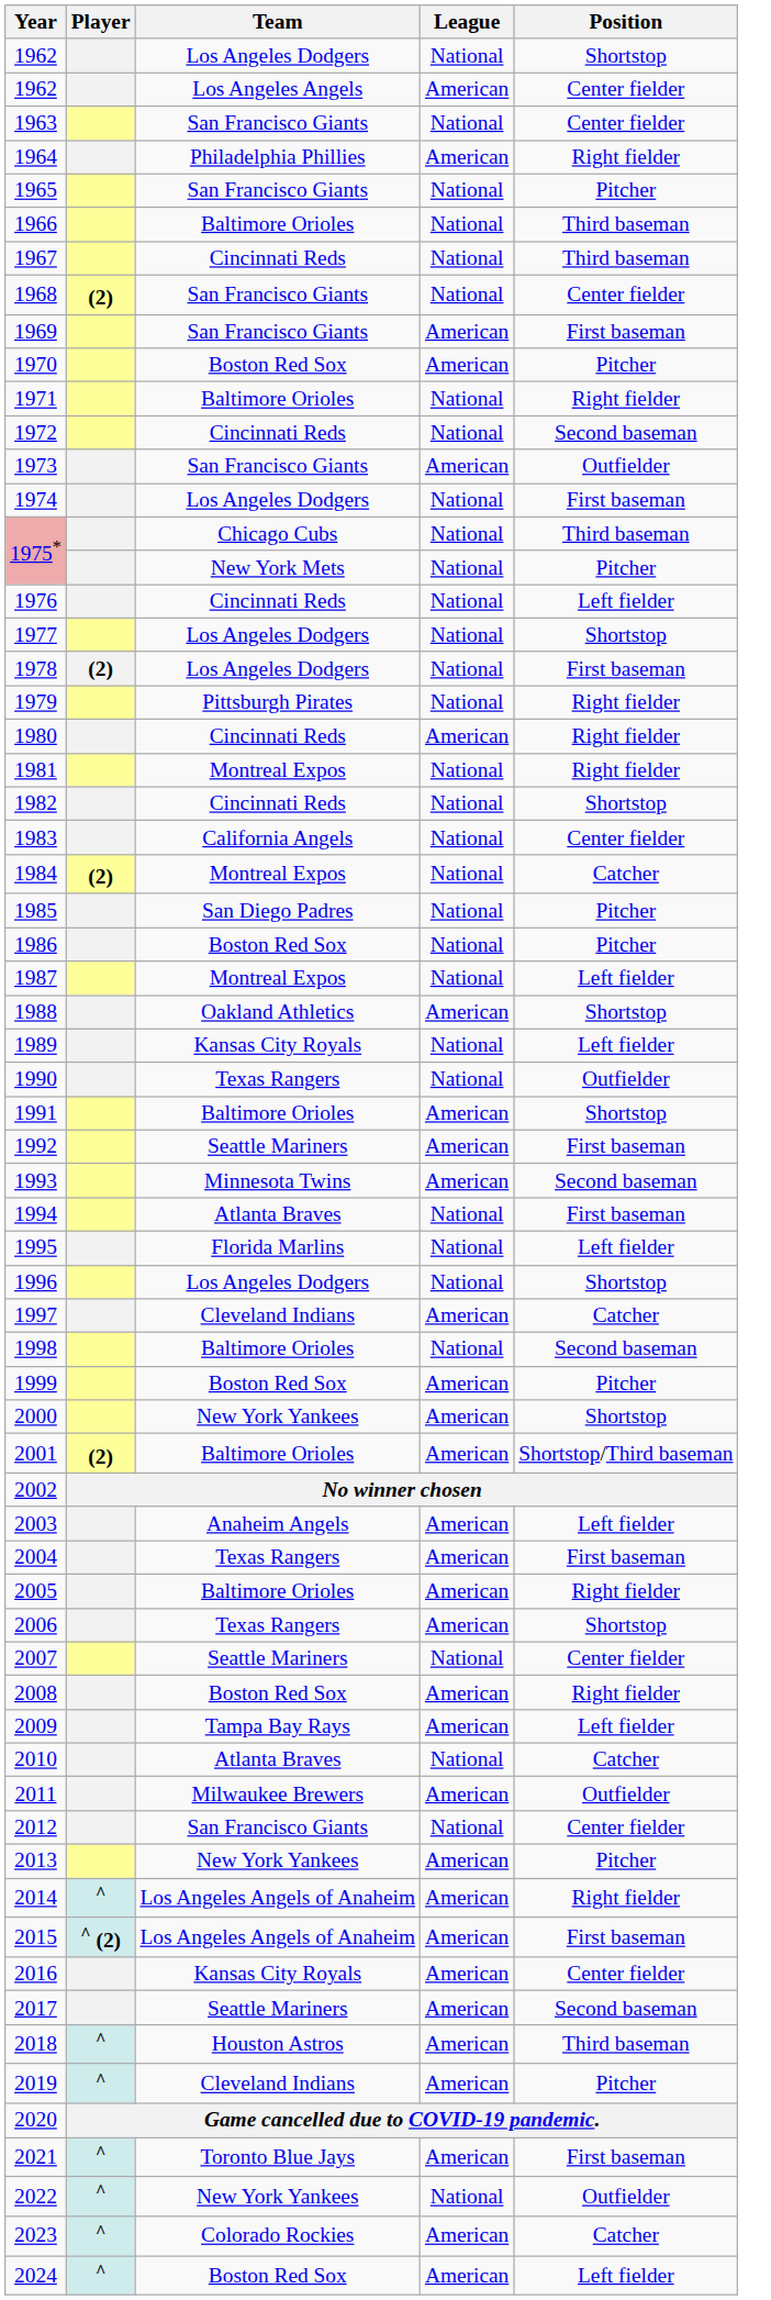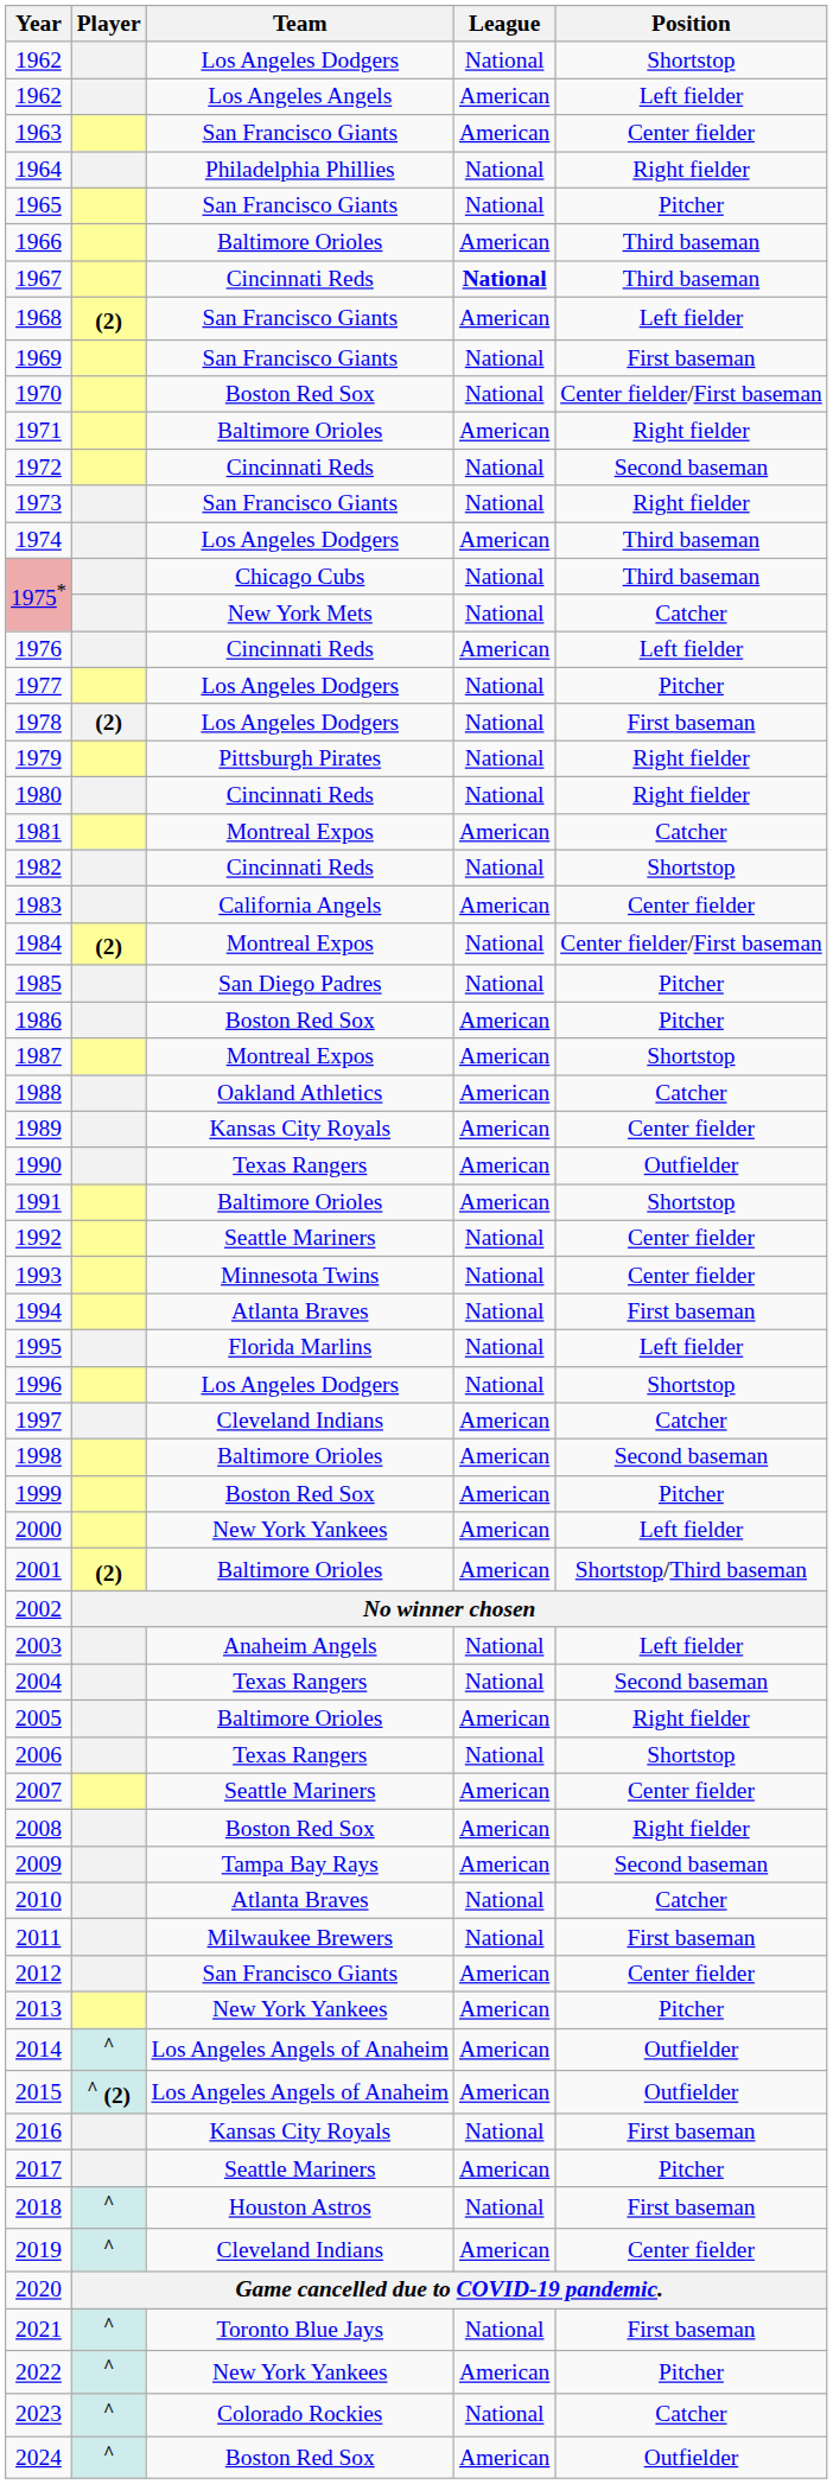 <table class="wikitable sortable plainrowheaders" style="text-align:center">
 <tr>
 <th scope="col">Year</th>
 <th scope="col">Player</th>
 <th scope="col">Team</th>
 <th scope="col">League</th>
 <th scope="col">Position</th>
 </tr>
 <tr>
 <td><a href='#'>1962</a></td>
 <th scope="row" style="text-align:center"></th>
 <td><a href='#'>Los Angeles Dodgers</a></td>
 <td><a href='#'>National</a></td>
 <td><a href='#'>Shortstop</a></td>
 </tr>
 <tr>
 <td><a href='#'>1962</a></td>
 <th scope="row" style="text-align:center"></th>
 <td><a href='#'>Los Angeles Angels</a></td>
 <td><a href='#'>American</a></td>
-<td><a href='#'>Center fielder</a></td>
+<td><a href='#'>Left fielder</a></td>
 </tr>
 <tr>
 <td><a href='#'>1963</a></td>
 <th scope="row" style="text-align:center; background-color:#FFFF99"><sup></sup></th>
 <td><a href='#'>San Francisco Giants</a></td>
-<td><a href='#'>National</a></td>
+<td><a href='#'>American</a></td>
 <td><a href='#'>Center fielder</a></td>
 </tr>
 <tr>
 <td><a href='#'>1964</a></td>
 <th scope="row" style="text-align:center"></th>
 <td><a href='#'>Philadelphia Phillies</a></td>
-<td><a href='#'>American</a></td>
+<td><a href='#'>National</a></td>
 <td><a href='#'>Right fielder</a></td>
 </tr>
 <tr>
 <td><a href='#'>1965</a></td>
 <th scope="row" style="text-align:center; background-color:#FFFF99"><sup></sup></th>
 <td><a href='#'>San Francisco Giants</a></td>
 <td><a href='#'>National</a></td>
 <td><a href='#'>Pitcher</a></td>
 </tr>
 <tr>
 <td><a href='#'>1966</a></td>
 <th scope="row" style="text-align:center; background-color:#FFFF99"><sup></sup></th>
 <td><a href='#'>Baltimore Orioles</a></td>
-<td><a href='#'>National</a></td>
+<td><a href='#'>American</a></td>
 <td><a href='#'>Third baseman</a></td>
 </tr>
 <tr>
 <td><a href='#'>1967</a></td>
 <th scope="row" style="text-align:center; background-color:#FFFF99"><sup></sup></th>
 <td><a href='#'>Cincinnati Reds</a></td>
-<td><a href='#'>National</a></td>
+<td><strong><a href='#'>National</a></strong></td>
 <td><a href='#'>Third baseman</a></td>
 </tr>
 <tr>
 <td><a href='#'>1968</a></td>
 <th scope="row" style="text-align:center; background-color:#FFFF99"><sup></sup> (2)</th>
 <td><a href='#'>San Francisco Giants</a></td>
-<td><a href='#'>National</a></td>
-<td><a href='#'>Center fielder</a></td>
+<td><a href='#'>American</a></td>
+<td><a href='#'>Left fielder</a></td>
 </tr>
 <tr>
 <td><a href='#'>1969</a></td>
 <th scope="row" style="text-align:center; background-color:#FFFF99"><sup></sup></th>
 <td><a href='#'>San Francisco Giants</a></td>
-<td><a href='#'>American</a></td>
+<td><a href='#'>National</a></td>
 <td><a href='#'>First baseman</a></td>
 </tr>
 <tr>
 <td><a href='#'>1970</a></td>
 <th scope="row" style="text-align:center; background-color:#FFFF99"><sup></sup></th>
 <td><a href='#'>Boston Red Sox</a></td>
-<td><a href='#'>American</a></td>
-<td><a href='#'>Pitcher</a></td>
+<td><a href='#'>National</a></td>
+<td><a href='#'>Center fielder</a>/<a href='#'>First baseman</a></td>
 </tr>
 <tr>
 <td><a href='#'>1971</a></td>
 <th scope="row" style="text-align:center; background-color:#FFFF99"><sup></sup></th>
 <td><a href='#'>Baltimore Orioles</a></td>
-<td><a href='#'>National</a></td>
+<td><a href='#'>American</a></td>
 <td><a href='#'>Right fielder</a></td>
 </tr>
 <tr>
 <td><a href='#'>1972</a></td>
 <th scope="row" style="text-align:center; background-color:#FFFF99"><sup></sup></th>
 <td><a href='#'>Cincinnati Reds</a></td>
 <td><a href='#'>National</a></td>
 <td><a href='#'>Second baseman</a></td>
 </tr>
 <tr>
 <td><a href='#'>1973</a></td>
 <th scope="row" style="text-align:center"></th>
 <td><a href='#'>San Francisco Giants</a></td>
-<td><a href='#'>American</a></td>
-<td><a href='#'>Outfielder</a></td>
+<td><a href='#'>National</a></td>
+<td><a href='#'>Right fielder</a></td>
 </tr>
 <tr>
 <td><a href='#'>1974</a></td>
 <th scope="row" style="text-align:center"></th>
 <td><a href='#'>Los Angeles Dodgers</a></td>
-<td><a href='#'>National</a></td>
-<td><a href='#'>First baseman</a></td>
+<td><a href='#'>American</a></td>
+<td><a href='#'>Third baseman</a></td>
 </tr>
 <tr>
 <td rowspan="2" bgcolor="#eeabab"><a href='#'>1975</a><sup>*</sup></td>
 <th scope="row" style="text-align:center"></th>
 <td><a href='#'>Chicago Cubs</a></td>
 <td><a href='#'>National</a></td>
 <td><a href='#'>Third baseman</a></td>
 </tr>
 <tr>
 <th scope="row" style="text-align:center"></th>
 <td><a href='#'>New York Mets</a></td>
 <td><a href='#'>National</a></td>
-<td><a href='#'>Pitcher</a></td>
+<td><a href='#'>Catcher</a></td>
 </tr>
 <tr>
 <td><a href='#'>1976</a></td>
 <th scope="row" style="text-align:center"></th>
 <td><a href='#'>Cincinnati Reds</a></td>
-<td><a href='#'>National</a></td>
+<td><a href='#'>American</a></td>
 <td><a href='#'>Left fielder</a></td>
 </tr>
 <tr>
 <td><a href='#'>1977</a></td>
 <th scope="row" style="text-align:center; background-color:#FFFF99"><sup></sup></th>
 <td><a href='#'>Los Angeles Dodgers</a></td>
 <td><a href='#'>National</a></td>
-<td><a href='#'>Shortstop</a></td>
+<td><a href='#'>Pitcher</a></td>
 </tr>
 <tr>
 <td><a href='#'>1978</a></td>
 <th scope="row" style="text-align:center"> (2)</th>
 <td><a href='#'>Los Angeles Dodgers</a></td>
 <td><a href='#'>National</a></td>
 <td><a href='#'>First baseman</a></td>
 </tr>
 <tr>
 <td><a href='#'>1979</a></td>
 <th scope="row" style="text-align:center; background-color:#FFFF99"><sup></sup></th>
 <td><a href='#'>Pittsburgh Pirates</a></td>
 <td><a href='#'>National</a></td>
 <td><a href='#'>Right fielder</a></td>
 </tr>
 <tr>
 <td><a href='#'>1980</a></td>
 <th scope="row" style="text-align:center"></th>
 <td><a href='#'>Cincinnati Reds</a></td>
-<td><a href='#'>American</a></td>
+<td><a href='#'>National</a></td>
 <td><a href='#'>Right fielder</a></td>
 </tr>
 <tr>
 <td><a href='#'>1981</a></td>
 <th scope="row" style="text-align:center; background-color:#FFFF99"><sup></sup></th>
 <td><a href='#'>Montreal Expos</a></td>
-<td><a href='#'>National</a></td>
-<td><a href='#'>Right fielder</a></td>
+<td><a href='#'>American</a></td>
+<td><a href='#'>Catcher</a></td>
 </tr>
 <tr>
 <td><a href='#'>1982</a></td>
 <th scope="row" style="text-align:center"></th>
 <td><a href='#'>Cincinnati Reds</a></td>
 <td><a href='#'>National</a></td>
 <td><a href='#'>Shortstop</a></td>
 </tr>
 <tr>
 <td><a href='#'>1983</a></td>
 <th scope="row" style="text-align:center"></th>
 <td><a href='#'>California Angels</a></td>
-<td><a href='#'>National</a></td>
+<td><a href='#'>American</a></td>
 <td><a href='#'>Center fielder</a></td>
 </tr>
 <tr>
 <td><a href='#'>1984</a></td>
 <th scope="row" style="text-align:center; background-color:#FFFF99"><sup></sup> (2)</th>
 <td><a href='#'>Montreal Expos</a></td>
 <td><a href='#'>National</a></td>
-<td><a href='#'>Catcher</a></td>
+<td><a href='#'>Center fielder</a>/<a href='#'>First baseman</a></td>
 </tr>
 <tr>
 <td><a href='#'>1985</a></td>
 <th scope="row" style="text-align:center"></th>
 <td><a href='#'>San Diego Padres</a></td>
 <td><a href='#'>National</a></td>
 <td><a href='#'>Pitcher</a></td>
 </tr>
 <tr>
 <td><a href='#'>1986</a></td>
 <th scope="row" style="text-align:center"></th>
 <td><a href='#'>Boston Red Sox</a></td>
-<td><a href='#'>National</a></td>
+<td><a href='#'>American</a></td>
 <td><a href='#'>Pitcher</a></td>
 </tr>
 <tr>
 <td><a href='#'>1987</a></td>
 <th scope="row" style="text-align:center; background-color:#FFFF99"><sup></sup></th>
 <td><a href='#'>Montreal Expos</a></td>
-<td><a href='#'>National</a></td>
-<td><a href='#'>Left fielder</a></td>
+<td><a href='#'>American</a></td>
+<td><a href='#'>Shortstop</a></td>
 </tr>
 <tr>
 <td><a href='#'>1988</a></td>
 <th scope="row" style="text-align:center"></th>
 <td><a href='#'>Oakland Athletics</a></td>
 <td><a href='#'>American</a></td>
-<td><a href='#'>Shortstop</a></td>
+<td><a href='#'>Catcher</a></td>
 </tr>
 <tr>
 <td><a href='#'>1989</a></td>
 <th scope="row" style="text-align:center"></th>
 <td><a href='#'>Kansas City Royals</a></td>
-<td><a href='#'>National</a></td>
-<td><a href='#'>Left fielder</a></td>
+<td><a href='#'>American</a></td>
+<td><a href='#'>Center fielder</a></td>
 </tr>
 <tr>
 <td><a href='#'>1990</a></td>
 <th scope="row" style="text-align:center"></th>
 <td><a href='#'>Texas Rangers</a></td>
-<td><a href='#'>National</a></td>
+<td><a href='#'>American</a></td>
 <td><a href='#'>Outfielder</a></td>
 </tr>
 <tr>
 <td><a href='#'>1991</a></td>
 <th scope="row" style="text-align:center; background-color:#FFFF99"><sup></sup></th>
 <td><a href='#'>Baltimore Orioles</a></td>
 <td><a href='#'>American</a></td>
 <td><a href='#'>Shortstop</a></td>
 </tr>
 <tr>
 <td><a href='#'>1992</a></td>
 <th scope="row" style="text-align:center; background-color:#FFFF99"><sup></sup></th>
 <td><a href='#'>Seattle Mariners</a></td>
-<td><a href='#'>American</a></td>
-<td><a href='#'>First baseman</a></td>
+<td><a href='#'>National</a></td>
+<td><a href='#'>Center fielder</a></td>
 </tr>
 <tr>
 <td><a href='#'>1993</a></td>
 <th scope="row" style="text-align:center; background-color:#FFFF99"><sup></sup></th>
 <td><a href='#'>Minnesota Twins</a></td>
-<td><a href='#'>American</a></td>
-<td><a href='#'>Second baseman</a></td>
+<td><a href='#'>National</a></td>
+<td><a href='#'>Center fielder</a></td>
 </tr>
 <tr>
 <td><a href='#'>1994</a></td>
 <th scope="row" style="text-align:center; background-color:#FFFF99"><sup></sup></th>
 <td><a href='#'>Atlanta Braves</a></td>
 <td><a href='#'>National</a></td>
 <td><a href='#'>First baseman</a></td>
 </tr>
 <tr>
 <td><a href='#'>1995</a></td>
 <th scope="row" style="text-align:center"></th>
 <td><a href='#'>Florida Marlins</a></td>
 <td><a href='#'>National</a></td>
 <td><a href='#'>Left fielder</a></td>
 </tr>
 <tr>
 <td><a href='#'>1996</a></td>
 <th scope="row" style="text-align:center; background-color:#FFFF99"><sup></sup></th>
 <td><a href='#'>Los Angeles Dodgers</a></td>
 <td><a href='#'>National</a></td>
 <td><a href='#'>Shortstop</a></td>
 </tr>
 <tr>
 <td><a href='#'>1997</a></td>
 <th scope="row" style="text-align:center"></th>
 <td><a href='#'>Cleveland Indians</a></td>
 <td><a href='#'>American</a></td>
 <td><a href='#'>Catcher</a></td>
 </tr>
 <tr>
 <td><a href='#'>1998</a></td>
 <th scope="row" style="text-align:center; background-color:#FFFF99"><sup></sup></th>
 <td><a href='#'>Baltimore Orioles</a></td>
-<td><a href='#'>National</a></td>
+<td><a href='#'>American</a></td>
 <td><a href='#'>Second baseman</a></td>
 </tr>
 <tr>
 <td><a href='#'>1999</a></td>
 <th scope="row" style="text-align:center; background-color:#FFFF99"><sup></sup></th>
 <td><a href='#'>Boston Red Sox</a></td>
 <td><a href='#'>American</a></td>
 <td><a href='#'>Pitcher</a></td>
 </tr>
 <tr>
 <td><a href='#'>2000</a></td>
 <th scope="row" style="text-align:center; background-color:#FFFF99"><sup></sup></th>
 <td><a href='#'>New York Yankees</a></td>
 <td><a href='#'>American</a></td>
-<td><a href='#'>Shortstop</a></td>
+<td><a href='#'>Left fielder</a></td>
 </tr>
 <tr>
 <td><a href='#'>2001</a></td>
 <th scope="row" style="text-align:center; background-color:#FFFF99"><sup></sup> (2)</th>
 <td><a href='#'>Baltimore Orioles</a></td>
 <td><a href='#'>American</a></td>
 <td><a href='#'>Shortstop</a>/<a href='#'>Third baseman</a></td>
 </tr>
 <tr>
 <td><a href='#'>2002</a></td>
 <th colspan="4" scope="row" style="text-align:center"><em>No winner chosen</em></th>
 </tr>
 <tr>
 <td><a href='#'>2003</a></td>
 <th scope="row" style="text-align:center"></th>
 <td><a href='#'>Anaheim Angels</a></td>
-<td><a href='#'>American</a></td>
+<td><a href='#'>National</a></td>
 <td><a href='#'>Left fielder</a></td>
 </tr>
 <tr>
 <td><a href='#'>2004</a></td>
 <th scope="row" style="text-align:center;"></th>
 <td><a href='#'>Texas Rangers</a></td>
-<td><a href='#'>American</a></td>
-<td><a href='#'>First baseman</a></td>
+<td><a href='#'>National</a></td>
+<td><a href='#'>Second baseman</a></td>
 </tr>
 <tr>
 <td><a href='#'>2005</a></td>
 <th scope="row" style="text-align:center;"></th>
 <td><a href='#'>Baltimore Orioles</a></td>
 <td><a href='#'>American</a></td>
 <td><a href='#'>Right fielder</a></td>
 </tr>
 <tr>
 <td><a href='#'>2006</a></td>
 <th scope="row" style="text-align:center"></th>
 <td><a href='#'>Texas Rangers</a></td>
-<td><a href='#'>American</a></td>
+<td><a href='#'>National</a></td>
 <td><a href='#'>Shortstop</a></td>
 </tr>
 <tr>
 <td><a href='#'>2007</a></td>
 <th scope="row" style="text-align:center; background-color:#FFFF99"><sup></sup></th>
 <td><a href='#'>Seattle Mariners</a></td>
-<td><a href='#'>National</a></td>
+<td><a href='#'>American</a></td>
 <td><a href='#'>Center fielder</a></td>
 </tr>
 <tr>
 <td><a href='#'>2008</a></td>
 <th scope="row" style="text-align:center;"></th>
 <td><a href='#'>Boston Red Sox</a></td>
 <td><a href='#'>American</a></td>
 <td><a href='#'>Right fielder</a></td>
 </tr>
 <tr>
 <td><a href='#'>2009</a></td>
 <th scope="row" style="text-align:center;"></th>
 <td><a href='#'>Tampa Bay Rays</a></td>
 <td><a href='#'>American</a></td>
-<td><a href='#'>Left fielder</a></td>
+<td><a href='#'>Second baseman</a></td>
 </tr>
 <tr>
 <td><a href='#'>2010</a></td>
 <th scope="row" style="text-align:center;"></th>
 <td><a href='#'>Atlanta Braves</a></td>
 <td><a href='#'>National</a></td>
 <td><a href='#'>Catcher</a></td>
 </tr>
 <tr>
 <td><a href='#'>2011</a></td>
 <th scope="row" style="text-align:center;"></th>
 <td><a href='#'>Milwaukee Brewers</a></td>
-<td><a href='#'>American</a></td>
-<td><a href='#'>Outfielder</a></td>
+<td><a href='#'>National</a></td>
+<td><a href='#'>First baseman</a></td>
 </tr>
 <tr>
 <td><a href='#'>2012</a></td>
 <th scope="row" style="text-align:center;"></th>
 <td><a href='#'>San Francisco Giants</a></td>
-<td><a href='#'>National</a></td>
+<td><a href='#'>American</a></td>
 <td><a href='#'>Center fielder</a></td>
 </tr>
 <tr>
 <td><a href='#'>2013</a></td>
 <th scope="row" style="text-align:center; background-color:#FFFF99"><sup></sup></th>
 <td><a href='#'>New York Yankees</a></td>
 <td><a href='#'>American</a></td>
 <td><a href='#'>Pitcher</a></td>
 </tr>
 <tr>
 <td><a href='#'>2014</a></td>
 <th scope="row" style="text-align:center; background-color:#CFECEC"><sup>^</sup></th>
 <td><a href='#'>Los Angeles Angels of Anaheim</a></td>
 <td><a href='#'>American</a></td>
-<td><a href='#'>Right fielder</a></td>
+<td><a href='#'>Outfielder</a></td>
 </tr>
 <tr>
 <td><a href='#'>2015</a></td>
 <th scope="row" style="text-align:center; background-color:#CFECEC"><sup>^</sup> (2)</th>
 <td><a href='#'>Los Angeles Angels of Anaheim</a></td>
 <td><a href='#'>American</a></td>
-<td><a href='#'>First baseman</a></td>
+<td><a href='#'>Outfielder</a></td>
 </tr>
 <tr>
 <td><a href='#'>2016</a></td>
 <th scope="row" style="text-align:center;"></th>
 <td><a href='#'>Kansas City Royals</a></td>
-<td><a href='#'>American</a></td>
-<td><a href='#'>Center fielder</a></td>
+<td><a href='#'>National</a></td>
+<td><a href='#'>First baseman</a></td>
 </tr>
 <tr>
 <td><a href='#'>2017</a></td>
 <th scope="row" style="text-align:center;"></th>
 <td><a href='#'>Seattle Mariners</a></td>
 <td><a href='#'>American</a></td>
-<td><a href='#'>Second baseman</a></td>
+<td><a href='#'>Pitcher</a></td>
 </tr>
 <tr>
 <td><a href='#'>2018</a></td>
 <th scope="row" style="text-align:center; background-color:#CFECEC"><sup>^</sup></th>
 <td><a href='#'>Houston Astros</a></td>
-<td><a href='#'>American</a></td>
-<td><a href='#'>Third baseman</a></td>
+<td><a href='#'>National</a></td>
+<td><a href='#'>First baseman</a></td>
 </tr>
 <tr>
 <td><a href='#'>2019</a></td>
 <th scope="row" style="text-align:center; background-color:#CFECEC"><sup>^</sup></th>
 <td><a href='#'>Cleveland Indians</a></td>
 <td><a href='#'>American</a></td>
-<td><a href='#'>Pitcher</a></td>
+<td><a href='#'>Center fielder</a></td>
 </tr>
 <tr>
 <td><a href='#'>2020</a></td>
 <th colspan="4" scope="row" style="text-align:center"><em>Game cancelled due to <a href='#'>COVID-19 pandemic</a>.</em></th>
 </tr>
 <tr>
 <td><a href='#'>2021</a></td>
 <th scope="row" style="text-align:center; background-color:#CFECEC"><sup>^</sup></th>
 <td><a href='#'>Toronto Blue Jays</a></td>
-<td><a href='#'>American</a></td>
+<td><a href='#'>National</a></td>
 <td><a href='#'>First baseman</a></td>
 </tr>
 <tr>
 <td><a href='#'>2022</a></td>
 <th scope="row" style="text-align:center; background-color:#CFECEC"><sup>^</sup></th>
 <td><a href='#'>New York Yankees</a></td>
-<td><a href='#'>National</a></td>
-<td><a href='#'>Outfielder</a></td>
+<td><a href='#'>American</a></td>
+<td><a href='#'>Pitcher</a></td>
 </tr>
 <tr>
 <td><a href='#'>2023</a></td>
 <th scope="row" style="text-align:center; background-color:#CFECEC"><sup>^</sup></th>
 <td><a href='#'>Colorado Rockies</a></td>
-<td><a href='#'>American</a></td>
+<td><a href='#'>National</a></td>
 <td><a href='#'>Catcher</a></td>
 </tr>
 <tr>
 <td><a href='#'>2024</a></td>
 <th scope="row" style="text-align:center; background-color:#CFECEC"><sup>^</sup></th>
 <td><a href='#'>Boston Red Sox</a></td>
 <td><a href='#'>American</a></td>
-<td><a href='#'>Left fielder</a></td>
+<td><a href='#'>Outfielder</a></td>
 </tr>
 </table>
